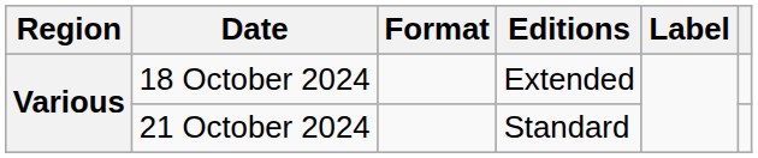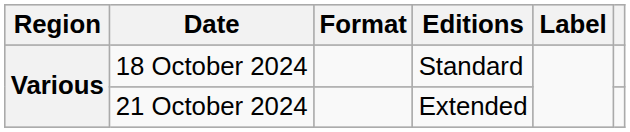 <table class="wikitable plainrowheaders">
 <tr>
 <th scope="col">Region</th>
 <th scope="col">Date</th>
 <th scope="col">Format</th>
 <th scope="col">Editions</th>
 <th scope="col">Label</th>
 <th scope="col"></th>
 </tr>
 <tr>
 <th scope="row" rowspan="2">Various</th>
 <td>18 October 2024</td>
 <td></td>
-<td>Extended</td>
+<td>Standard</td>
 <td rowspan="2"></td>
 <td></td>
 </tr>
 <tr>
 <td>21 October 2024</td>
 <td></td>
-<td>Standard</td>
+<td>Extended</td>
 <td></td>
 </tr>
 </table>
